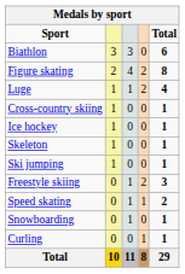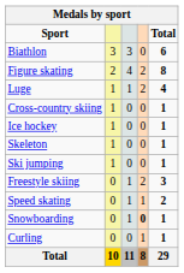 <table class="wikitable" style="text-align:center;font-size:85%;float:right;clear:right;">
 <tr style="background:#efefef;">
 <th colspan=5>Medals by sport</th>
 </tr>
 <tr>
 <td><strong>Sport</strong></td>
 <td bgcolor=#f7f6a8></td>
 <td bgcolor=#dce5e5></td>
 <td bgcolor=#ffdab9></td>
 <td><strong>Total</strong></td>
 </tr>
 <tr>
 <td align=left><a href='#'>Biathlon</a></td>
 <td style="background:#F7F6A8;">3</td>
 <td style="background:#DCE5E5;">3</td>
 <td style="background:#FFDAB9;">0</td>
 <td><strong>6</strong></td>
 </tr>
 <tr>
 <td align=left><a href='#'>Figure skating</a></td>
 <td style="background:#F7F6A8;">2</td>
 <td style="background:#DCE5E5;">4</td>
 <td style="background:#FFDAB9;">2</td>
 <td><strong>8</strong></td>
 </tr>
 <tr>
 <td align=left><a href='#'>Luge</a></td>
 <td style="background:#F7F6A8;">1</td>
 <td style="background:#DCE5E5;">1</td>
 <td style="background:#FFDAB9;">2</td>
 <td><strong>4</strong></td>
 </tr>
 <tr>
 <td align=left><a href='#'>Cross-country skiing</a></td>
 <td style="background:#F7F6A8;">1</td>
 <td style="background:#DCE5E5;">0</td>
 <td style="background:#FFDAB9;">0</td>
 <td><strong>1</strong></td>
 </tr>
 <tr>
 <td align=left><a href='#'>Ice hockey</a></td>
 <td style="background:#F7F6A8;">1</td>
 <td style="background:#DCE5E5;">0</td>
 <td style="background:#FFDAB9;">0</td>
 <td><strong>1</strong></td>
 </tr>
 <tr>
 <td align=left><a href='#'>Skeleton</a></td>
 <td style="background:#F7F6A8;">1</td>
 <td style="background:#DCE5E5;">0</td>
 <td style="background:#FFDAB9;">0</td>
 <td><strong>1</strong></td>
 </tr>
 <tr>
 <td align=left><a href='#'>Ski jumping</a></td>
 <td style="background:#F7F6A8;">1</td>
 <td style="background:#DCE5E5;">0</td>
 <td style="background:#FFDAB9;">0</td>
 <td><strong>1</strong></td>
 </tr>
 <tr>
 <td align=left><a href='#'>Freestyle skiing</a></td>
 <td style="background:#F7F6A8;">0</td>
 <td style="background:#DCE5E5;">1</td>
 <td style="background:#FFDAB9;">2</td>
 <td><strong>3</strong></td>
 </tr>
 <tr>
 <td align=left><a href='#'>Speed skating</a></td>
 <td style="background:#F7F6A8;">0</td>
 <td style="background:#DCE5E5;">1</td>
 <td style="background:#FFDAB9;">1</td>
 <td><strong>2</strong></td>
 </tr>
 <tr>
 <td align=left><a href='#'>Snowboarding</a></td>
 <td style="background:#F7F6A8;">0</td>
 <td style="background:#DCE5E5;">1</td>
-<td style="background:#FFDAB9;">0</td>
+<td style="background:#FFDAB9;"><strong>0</strong></td>
 <td><strong>1</strong></td>
 </tr>
 <tr>
 <td align=left><a href='#'>Curling</a></td>
 <td style="background:#F7F6A8;">0</td>
 <td style="background:#DCE5E5;">0</td>
 <td style="background:#FFDAB9;">1</td>
 <td><strong>1</strong></td>
 </tr>
 <tr>
 <th>Total</th>
 <th style="background:gold;">10</th>
 <th style="background:silver;">11</th>
 <th style="background:#c96;">8</th>
 <th>29</th>
 </tr>
 </table>
